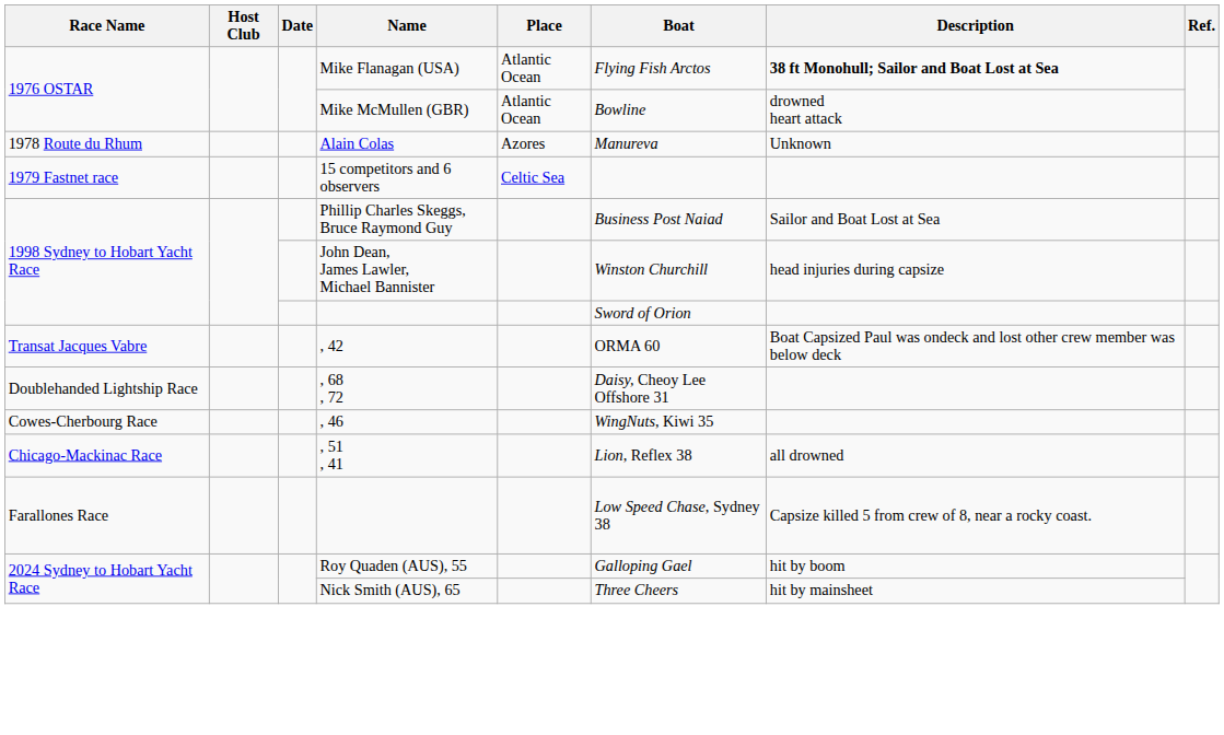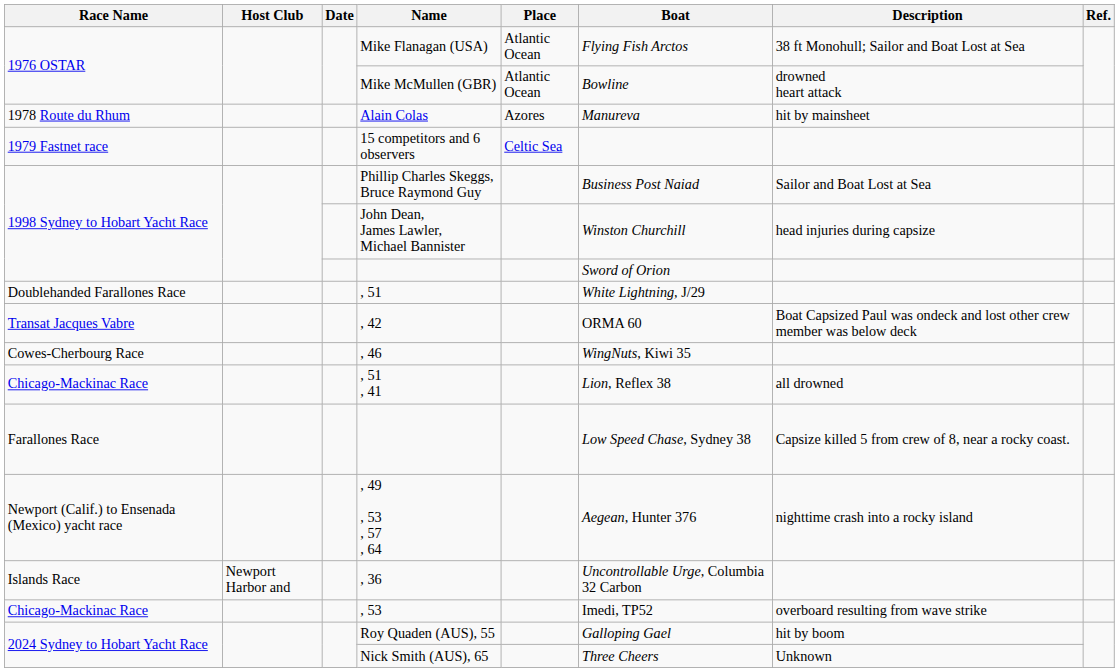 <table class="wikitable sortable">
 <tr>
 <th>Race Name</th>
 <th>Host Club</th>
 <th>Date</th>
 <th>Name</th>
 <th>Place</th>
 <th>Boat</th>
 <th>Description</th>
 <th>Ref.</th>
 </tr>
 <tr>
 <td rowspan=2><a href='#'>1976 OSTAR</a></td>
 <td rowspan=2></td>
 <td rowspan=2></td>
 <td>Mike Flanagan (USA)</td>
 <td>Atlantic Ocean</td>
 <td><em>Flying Fish Arctos</em></td>
-<td><strong>38 ft Monohull; Sailor and Boat Lost at Sea</strong></td>
+<td>38 ft Monohull; Sailor and Boat Lost at Sea</td>
 <td rowspan=2></td>
 </tr>
 <tr>
 <td>Mike McMullen (GBR)</td>
 <td>Atlantic Ocean</td>
 <td><em>Bowline</em></td>
 <td>drowned <br> heart attack</td>
 </tr>
 <tr>
 <td>1978 <a href='#'>Route du Rhum</a></td>
 <td></td>
 <td></td>
 <td><a href='#'>Alain Colas</a></td>
 <td>Azores</td>
 <td><em>Manureva</em></td>
-<td>Unknown</td>
+<td>hit by mainsheet</td>
 <td></td>
 </tr>
 <tr>
 <td><a href='#'>1979 Fastnet race</a></td>
 <td></td>
 <td></td>
 <td>15 competitors and 6 observers</td>
 <td><a href='#'>Celtic Sea</a></td>
 <td></td>
 <td></td>
 <td></td>
 </tr>
 <tr>
 <td rowspan=3><a href='#'>1998 Sydney to Hobart Yacht Race</a></td>
 <td rowspan=3></td>
 <td></td>
 <td>Phillip Charles Skeggs, <br> Bruce Raymond Guy</td>
 <td></td>
 <td><em>Business Post Naiad</em></td>
 <td>Sailor and Boat Lost at Sea</td>
 <td></td>
 </tr>
 <tr>
 <td></td>
 <td>John Dean, <br> James Lawler, <br> Michael Bannister</td>
 <td></td>
 <td><em>Winston Churchill</em></td>
 <td>head injuries during capsize</td>
 <td></td>
 </tr>
 <tr>
 <td></td>
 <td></td>
 <td></td>
 <td><em>Sword of Orion</em></td>
 <td></td>
 <td></td>
 </tr>
 <tr>
+<td>Doublehanded Farallones Race</td>
+<td></td>
+<td></td>
+<td>, 51</td>
+<td></td>
+<td><em>White Lightning,</em> J/29</td>
+<td></td>
+<td></td>
+</tr>
+<tr>
 <td><a href='#'>Transat Jacques Vabre</a></td>
 <td></td>
 <td></td>
 <td>, 42</td>
 <td></td>
 <td>ORMA 60</td>
 <td>Boat Capsized Paul was ondeck and lost other crew member was below deck</td>
-<td></td>
-</tr>
-<tr>
-<td>Doublehanded Lightship Race</td>
-<td></td>
-<td></td>
-<td>, 68<br>, 72</td>
-<td></td>
-<td><em>Daisy,</em> Cheoy Lee Offshore 31</td>
-<td></td>
 <td></td>
 </tr>
 <tr>
 <td>Cowes-Cherbourg Race</td>
 <td></td>
 <td></td>
 <td>, 46</td>
 <td></td>
 <td><em>WingNuts</em>, Kiwi 35</td>
 <td></td>
 <td></td>
 </tr>
 <tr>
 <td><a href='#'>Chicago-Mackinac Race</a></td>
 <td></td>
 <td></td>
 <td>, 51<br>, 41</td>
 <td></td>
 <td><em>Lion</em>, Reflex 38</td>
 <td>all drowned</td>
 <td></td>
 </tr>
 <tr>
 <td>Farallones Race</td>
 <td></td>
 <td></td>
 <td> <br>  <br>  <br>  <br> </td>
 <td></td>
 <td><em>Low Speed Chase</em>, Sydney 38</td>
 <td>Capsize killed 5 from crew of 8, near a rocky coast.</td>
 <td></td>
 </tr>
 <tr>
+<td>Newport (Calif.) to Ensenada (Mexico) yacht race</td>
+<td></td>
+<td></td>
+<td>, 49 <br><br>, 53 <br> , 57 <br>  , 64 <br></td>
+<td></td>
+<td><em>Aegean</em>, Hunter 376</td>
+<td>nighttime crash into a rocky island</td>
+<td></td>
+</tr>
+<tr>
+<td>Islands Race</td>
+<td>Newport Harbor and </td>
+<td></td>
+<td>, 36 <br></td>
+<td></td>
+<td><em>Uncontrollable Urge</em>, Columbia 32 Carbon</td>
+<td></td>
+<td></td>
+</tr>
+<tr>
+<td><a href='#'>Chicago-Mackinac Race</a></td>
+<td></td>
+<td></td>
+<td>, 53</td>
+<td></td>
+<td>Imedi, TP52</td>
+<td>overboard resulting from wave strike</td>
+<td></td>
+</tr>
+<tr>
 <td rowspan=2><a href='#'>2024 Sydney to Hobart Yacht Race</a></td>
 <td rowspan=2></td>
 <td rowspan=2></td>
 <td>Roy Quaden (AUS), 55</td>
 <td></td>
 <td><em>Galloping Gael</em></td>
 <td>hit by boom</td>
 <td rowspan=2></td>
 </tr>
 <tr>
 <td>Nick Smith (AUS), 65</td>
 <td></td>
 <td><em>Three Cheers</em></td>
-<td>hit by mainsheet</td>
+<td>Unknown</td>
 </tr>
 </table>
